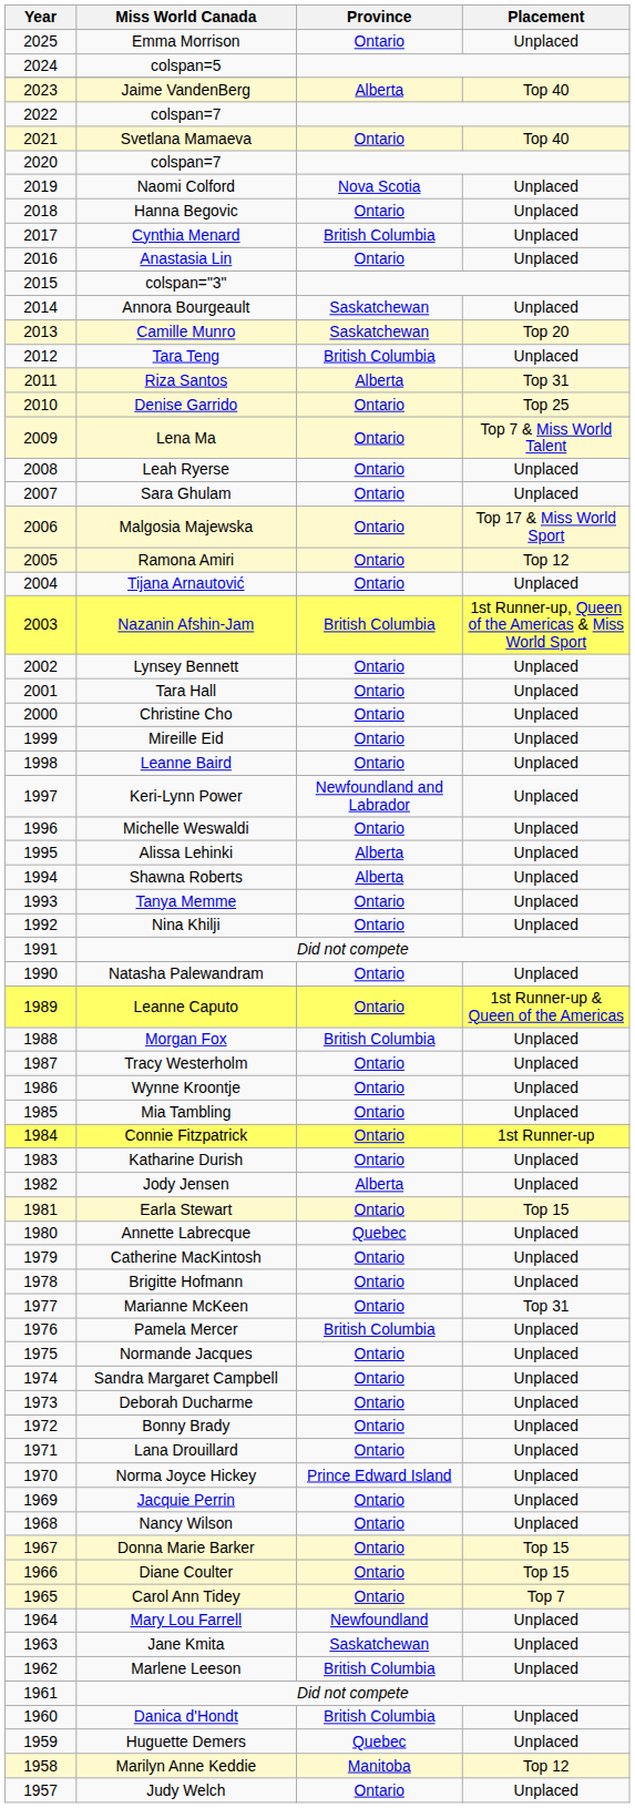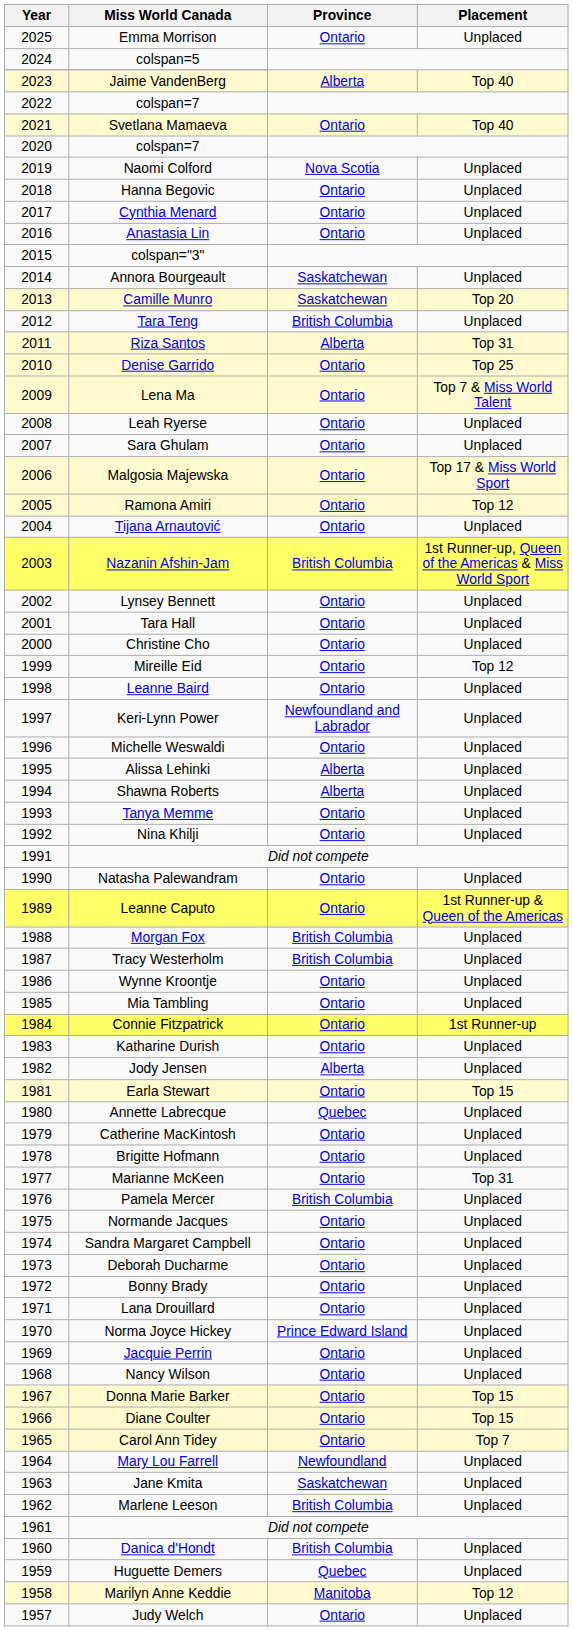 <table class="wikitable sortable" style="font-size: 90%; text-align:center">
 <tr>
 <th width="60">Year</th>
 <th width="200">Miss World Canada</th>
 <th width="150">Province</th>
 <th width="150">Placement</th>
 </tr>
 <tr>
 <td>2025</td>
 <td>Emma Morrison</td>
 <td><a href='#'>Ontario</a></td>
 <td>Unplaced</td>
 </tr>
 <tr>
 <td>2024</td>
 <td>colspan=5 </td>
 </tr>
 <tr>
 </tr>
 <tr style="background-color:#FFFACD;">
 <td>2023</td>
 <td>Jaime VandenBerg</td>
 <td><a href='#'>Alberta</a></td>
 <td>Top 40</td>
 </tr>
 <tr>
 <td>2022</td>
 <td>colspan=7 </td>
 </tr>
 <tr style="background-color:#FFFACD;">
 <td>2021</td>
 <td>Svetlana Mamaeva</td>
 <td><a href='#'>Ontario</a></td>
 <td>Top 40</td>
 </tr>
 <tr>
 <td>2020</td>
 <td>colspan=7 </td>
 </tr>
 <tr>
 <td>2019</td>
 <td>Naomi Colford</td>
 <td><a href='#'>Nova Scotia</a></td>
 <td>Unplaced</td>
 </tr>
 <tr>
 <td>2018</td>
 <td>Hanna Begovic</td>
 <td><a href='#'>Ontario</a></td>
 <td>Unplaced</td>
 </tr>
 <tr>
 <td>2017</td>
 <td><a href='#'>Cynthia Menard</a></td>
-<td><a href='#'>British Columbia</a></td>
+<td><a href='#'>Ontario</a></td>
 <td>Unplaced</td>
 </tr>
 <tr>
 <td>2016</td>
 <td><a href='#'>Anastasia Lin</a></td>
 <td><a href='#'>Ontario</a></td>
 <td>Unplaced</td>
 </tr>
 <tr>
 <td>2015</td>
 <td>colspan="3" </td>
 </tr>
 <tr>
 <td>2014</td>
 <td>Annora Bourgeault</td>
 <td><a href='#'>Saskatchewan</a></td>
 <td>Unplaced</td>
 </tr>
 <tr style="background-color:#FFFACD;">
 <td>2013</td>
 <td><a href='#'>Camille Munro</a></td>
 <td><a href='#'>Saskatchewan</a></td>
 <td>Top 20</td>
 </tr>
 <tr>
 <td>2012</td>
 <td><a href='#'>Tara Teng</a></td>
 <td><a href='#'>British Columbia</a></td>
 <td>Unplaced</td>
 </tr>
 <tr style="background-color:#FFFACD;">
 <td>2011</td>
 <td><a href='#'>Riza Santos</a></td>
 <td><a href='#'>Alberta</a></td>
 <td>Top 31</td>
 </tr>
 <tr style="background-color:#FFFACD;">
 <td>2010</td>
 <td><a href='#'>Denise Garrido</a></td>
 <td><a href='#'>Ontario</a></td>
 <td>Top 25</td>
 </tr>
 <tr style="background-color:#FFFACD;">
 <td>2009</td>
 <td>Lena Ma</td>
 <td><a href='#'>Ontario</a></td>
 <td>Top 7 & <a href='#'>Miss World Talent</a></td>
 </tr>
 <tr>
 <td>2008</td>
 <td>Leah Ryerse</td>
 <td><a href='#'>Ontario</a></td>
 <td>Unplaced</td>
 </tr>
 <tr>
 <td>2007</td>
 <td>Sara Ghulam</td>
 <td><a href='#'>Ontario</a></td>
 <td>Unplaced</td>
 </tr>
 <tr style="background-color:#FFFACD;">
 <td>2006</td>
 <td>Malgosia Majewska</td>
 <td><a href='#'>Ontario</a></td>
 <td>Top 17 & <a href='#'>Miss World Sport</a></td>
 </tr>
 <tr style="background-color:#FFFACD;">
 <td>2005</td>
 <td>Ramona Amiri</td>
 <td><a href='#'>Ontario</a></td>
 <td>Top 12</td>
 </tr>
 <tr>
 <td>2004</td>
 <td><a href='#'>Tijana Arnautović</a></td>
 <td><a href='#'>Ontario</a></td>
 <td>Unplaced</td>
 </tr>
 <tr style="background-color:#FFFF66;">
 <td>2003</td>
 <td><a href='#'>Nazanin Afshin-Jam</a></td>
 <td><a href='#'>British Columbia</a></td>
 <td>1st Runner-up, <a href='#'>Queen of the Americas</a> & <a href='#'>Miss World Sport</a></td>
 </tr>
 <tr>
 <td>2002</td>
 <td>Lynsey Bennett</td>
 <td><a href='#'>Ontario</a></td>
 <td>Unplaced</td>
 </tr>
 <tr>
 <td>2001</td>
 <td>Tara Hall</td>
 <td><a href='#'>Ontario</a></td>
 <td>Unplaced</td>
 </tr>
 <tr>
 <td>2000</td>
 <td>Christine Cho</td>
 <td><a href='#'>Ontario</a></td>
 <td>Unplaced</td>
 </tr>
 <tr>
 <td>1999</td>
 <td>Mireille Eid</td>
 <td><a href='#'>Ontario</a></td>
-<td>Unplaced</td>
+<td>Top 12</td>
 </tr>
 <tr>
 <td>1998</td>
 <td><a href='#'>Leanne Baird</a></td>
 <td><a href='#'>Ontario</a></td>
 <td>Unplaced</td>
 </tr>
 <tr>
 <td>1997</td>
 <td>Keri-Lynn Power</td>
 <td><a href='#'>Newfoundland and Labrador</a></td>
 <td>Unplaced</td>
 </tr>
 <tr>
 <td>1996</td>
 <td>Michelle Weswaldi</td>
 <td><a href='#'>Ontario</a></td>
 <td>Unplaced</td>
 </tr>
 <tr>
 <td>1995</td>
 <td>Alissa Lehinki</td>
 <td><a href='#'>Alberta</a></td>
 <td>Unplaced</td>
 </tr>
 <tr>
 <td>1994</td>
 <td>Shawna Roberts</td>
 <td><a href='#'>Alberta</a></td>
 <td>Unplaced</td>
 </tr>
 <tr>
 <td>1993</td>
 <td><a href='#'>Tanya Memme</a></td>
 <td><a href='#'>Ontario</a></td>
 <td>Unplaced</td>
 </tr>
 <tr>
 <td>1992</td>
 <td>Nina Khilji</td>
 <td><a href='#'>Ontario</a></td>
 <td>Unplaced</td>
 </tr>
 <tr>
 <td>1991</td>
 <td colspan="3"><em>Did not compete</em></td>
 </tr>
 <tr>
 <td>1990</td>
 <td>Natasha Palewandram</td>
 <td><a href='#'>Ontario</a></td>
 <td>Unplaced</td>
 </tr>
 <tr style="background-color:#FFFF66;">
 <td>1989</td>
 <td>Leanne Caputo</td>
 <td><a href='#'>Ontario</a></td>
 <td>1st Runner-up & <a href='#'>Queen of the Americas</a></td>
 </tr>
 <tr>
 <td>1988</td>
 <td><a href='#'>Morgan Fox</a></td>
 <td><a href='#'>British Columbia</a></td>
 <td>Unplaced</td>
 </tr>
 <tr>
 <td>1987</td>
 <td>Tracy Westerholm</td>
-<td><a href='#'>Ontario</a></td>
+<td><a href='#'>British Columbia</a></td>
 <td>Unplaced</td>
 </tr>
 <tr>
 <td>1986</td>
 <td>Wynne Kroontje</td>
 <td><a href='#'>Ontario</a></td>
 <td>Unplaced</td>
 </tr>
 <tr>
 <td>1985</td>
 <td>Mia Tambling</td>
 <td><a href='#'>Ontario</a></td>
 <td>Unplaced</td>
 </tr>
 <tr style="background-color:#FFFF66;">
 <td>1984</td>
 <td>Connie Fitzpatrick</td>
 <td><a href='#'>Ontario</a></td>
 <td>1st Runner-up</td>
 </tr>
 <tr>
 <td>1983</td>
 <td>Katharine Durish</td>
 <td><a href='#'>Ontario</a></td>
 <td>Unplaced</td>
 </tr>
 <tr>
 <td>1982</td>
 <td>Jody Jensen</td>
 <td><a href='#'>Alberta</a></td>
 <td>Unplaced</td>
 </tr>
 <tr style="background-color:#FFFACD;">
 <td>1981</td>
 <td>Earla Stewart</td>
 <td><a href='#'>Ontario</a></td>
 <td>Top 15</td>
 </tr>
 <tr>
 <td>1980</td>
 <td>Annette Labrecque</td>
 <td><a href='#'>Quebec</a></td>
 <td>Unplaced</td>
 </tr>
 <tr>
 <td>1979</td>
 <td>Catherine MacKintosh</td>
 <td><a href='#'>Ontario</a></td>
 <td>Unplaced</td>
 </tr>
 <tr>
 <td>1978</td>
 <td>Brigitte Hofmann</td>
 <td><a href='#'>Ontario</a></td>
 <td>Unplaced</td>
 </tr>
 <tr>
 <td>1977</td>
 <td>Marianne McKeen</td>
 <td><a href='#'>Ontario</a></td>
 <td>Top 31</td>
 </tr>
 <tr>
 <td>1976</td>
 <td>Pamela Mercer</td>
 <td><a href='#'>British Columbia</a></td>
 <td>Unplaced</td>
 </tr>
 <tr>
 <td>1975</td>
 <td>Normande Jacques</td>
 <td><a href='#'>Ontario</a></td>
 <td>Unplaced</td>
 </tr>
 <tr>
 <td>1974</td>
 <td>Sandra Margaret Campbell</td>
 <td><a href='#'>Ontario</a></td>
 <td>Unplaced</td>
 </tr>
 <tr>
 <td>1973</td>
 <td>Deborah Ducharme</td>
 <td><a href='#'>Ontario</a></td>
 <td>Unplaced</td>
 </tr>
 <tr>
 <td>1972</td>
 <td>Bonny Brady</td>
 <td><a href='#'>Ontario</a></td>
 <td>Unplaced</td>
 </tr>
 <tr>
 <td>1971</td>
 <td>Lana Drouillard</td>
 <td><a href='#'>Ontario</a></td>
 <td>Unplaced</td>
 </tr>
 <tr>
 <td>1970</td>
 <td>Norma Joyce Hickey</td>
 <td><a href='#'>Prince Edward Island</a></td>
 <td>Unplaced</td>
 </tr>
 <tr>
 <td>1969</td>
 <td><a href='#'>Jacquie Perrin</a></td>
 <td><a href='#'>Ontario</a></td>
 <td>Unplaced</td>
 </tr>
 <tr>
 <td>1968</td>
 <td>Nancy Wilson</td>
 <td><a href='#'>Ontario</a></td>
 <td>Unplaced</td>
 </tr>
 <tr style="background-color:#FFFACD;">
 <td>1967</td>
 <td>Donna Marie Barker</td>
 <td><a href='#'>Ontario</a></td>
 <td>Top 15</td>
 </tr>
 <tr style="background-color:#FFFACD;">
 <td>1966</td>
 <td>Diane Coulter</td>
 <td><a href='#'>Ontario</a></td>
 <td>Top 15</td>
 </tr>
 <tr style="background-color:#FFFACD;">
 <td>1965</td>
 <td>Carol Ann Tidey</td>
 <td><a href='#'>Ontario</a></td>
 <td>Top 7</td>
 </tr>
 <tr>
 <td>1964</td>
 <td><a href='#'>Mary Lou Farrell</a></td>
 <td><a href='#'>Newfoundland</a></td>
 <td>Unplaced</td>
 </tr>
 <tr>
 <td>1963</td>
 <td>Jane Kmita</td>
 <td><a href='#'>Saskatchewan</a></td>
 <td>Unplaced</td>
 </tr>
 <tr>
 <td>1962</td>
 <td>Marlene Leeson</td>
 <td><a href='#'>British Columbia</a></td>
 <td>Unplaced</td>
 </tr>
 <tr>
 <td>1961</td>
 <td colspan="3"><em>Did not compete</em></td>
 </tr>
 <tr>
 <td>1960</td>
 <td><a href='#'>Danica d'Hondt</a></td>
 <td><a href='#'>British Columbia</a></td>
 <td>Unplaced</td>
 </tr>
 <tr>
 <td>1959</td>
 <td>Huguette Demers</td>
 <td><a href='#'>Quebec</a></td>
 <td>Unplaced</td>
 </tr>
 <tr style="background-color:#FFFACD;">
 <td>1958</td>
 <td>Marilyn Anne Keddie</td>
 <td><a href='#'>Manitoba</a></td>
 <td>Top 12</td>
 </tr>
 <tr>
 <td>1957</td>
 <td>Judy Welch</td>
 <td><a href='#'>Ontario</a></td>
 <td>Unplaced</td>
 </tr>
 </table>
